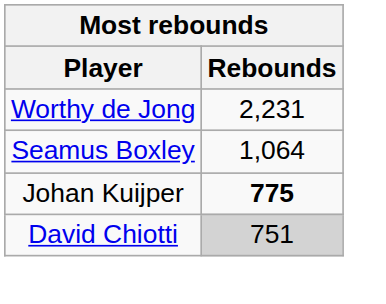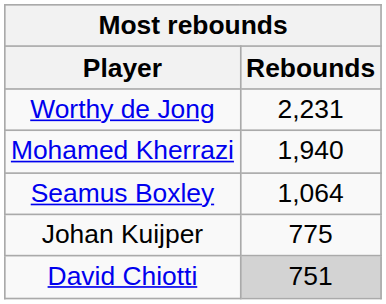 <table class="wikitable" style="text-align:center">
 <tr>
 <th colspan="2" style="text-align:center; ">Most rebounds</th>
 </tr>
 <tr>
 <th style="text-align:center; ">Player</th>
 <th style="text-align:center; ">Rebounds</th>
 </tr>
 <tr>
 <td><a href='#'>Worthy de Jong</a></td>
 <td>2,231</td>
 </tr>
 <tr>
+<td><a href='#'>Mohamed Kherrazi</a></td>
+<td>1,940</td>
+</tr>
+<tr>
 <td><a href='#'>Seamus Boxley</a></td>
 <td>1,064</td>
 </tr>
 <tr>
 <td>Johan Kuijper</td>
-<td><strong>775</strong></td>
+<td>775</td>
 </tr>
 <tr>
 <td><a href='#'>David Chiotti</a></td>
 <td style="background: lightgrey;">751</td>
 </tr>
 </table>
